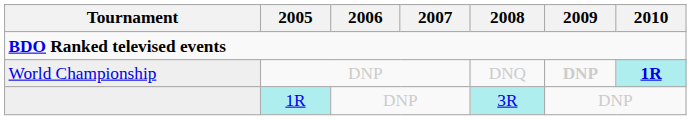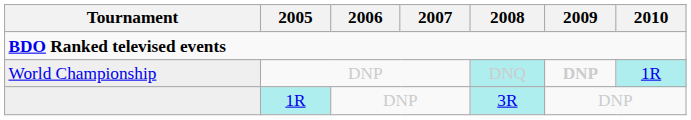 <table class="wikitable" style="width:50%; margin:0">
 <tr>
 <th>Tournament</th>
 <th>2005</th>
 <th>2006</th>
 <th>2007</th>
 <th>2008</th>
 <th>2009</th>
 <th>2010</th>
 </tr>
 <tr>
 <td colspan="8" align="left"><strong><a href='#'>BDO</a> Ranked televised events</strong></td>
 </tr>
 <tr>
 <td style="background:#efefef;"><a href='#'>World Championship</a></td>
 <td colspan="3" style="text-align:center; color:#ccc;">DNP</td>
-<td style="text-align:center; color:#ccc;">DNQ</td>
+<td style="background: paleturquoise; text-align:center; color:#ccc;">DNQ</td>
 <td style="text-align:center; color:#ccc;"><strong>DNP</strong></td>
-<td style="text-align:center; background:#afeeee;"><strong><a href='#'>1R</a></strong></td>
+<td style="text-align:center; background:#afeeee;"><a href='#'>1R</a></td>
 </tr>
 <tr>
 <td style="background:#efefef;" align=left></td>
 <td style="text-align:center; background:#afeeee;"><a href='#'>1R</a></td>
 <td colspan="2" style="text-align:center; color:#ccc;">DNP</td>
 <td style="text-align:center; background:#afeeee;"><a href='#'>3R</a></td>
 <td colspan="2" style="text-align:center; color:#ccc;">DNP</td>
 </tr>
 </table>
